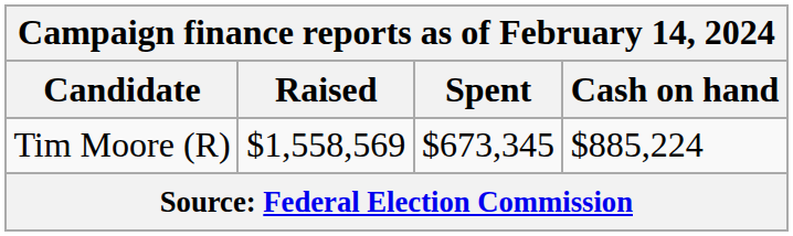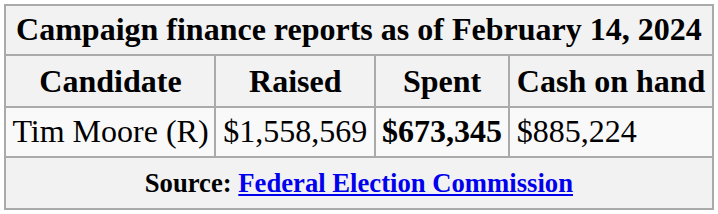 <table class="wikitable sortable">
 <tr>
 <th colspan=4>Campaign finance reports as of February 14, 2024</th>
 </tr>
 <tr style="text-align:center;">
 <th>Candidate</th>
 <th>Raised</th>
 <th>Spent</th>
 <th>Cash on hand</th>
 </tr>
 <tr>
 <td>Tim Moore (R)</td>
 <td>$1,558,569</td>
-<td>$673,345</td>
+<td><strong>$673,345</strong></td>
 <td>$885,224</td>
 </tr>
 <tr>
 <th colspan="4"><small>Source: <a href='#'>Federal Election Commission</a></small></th>
 </tr>
 </table>
